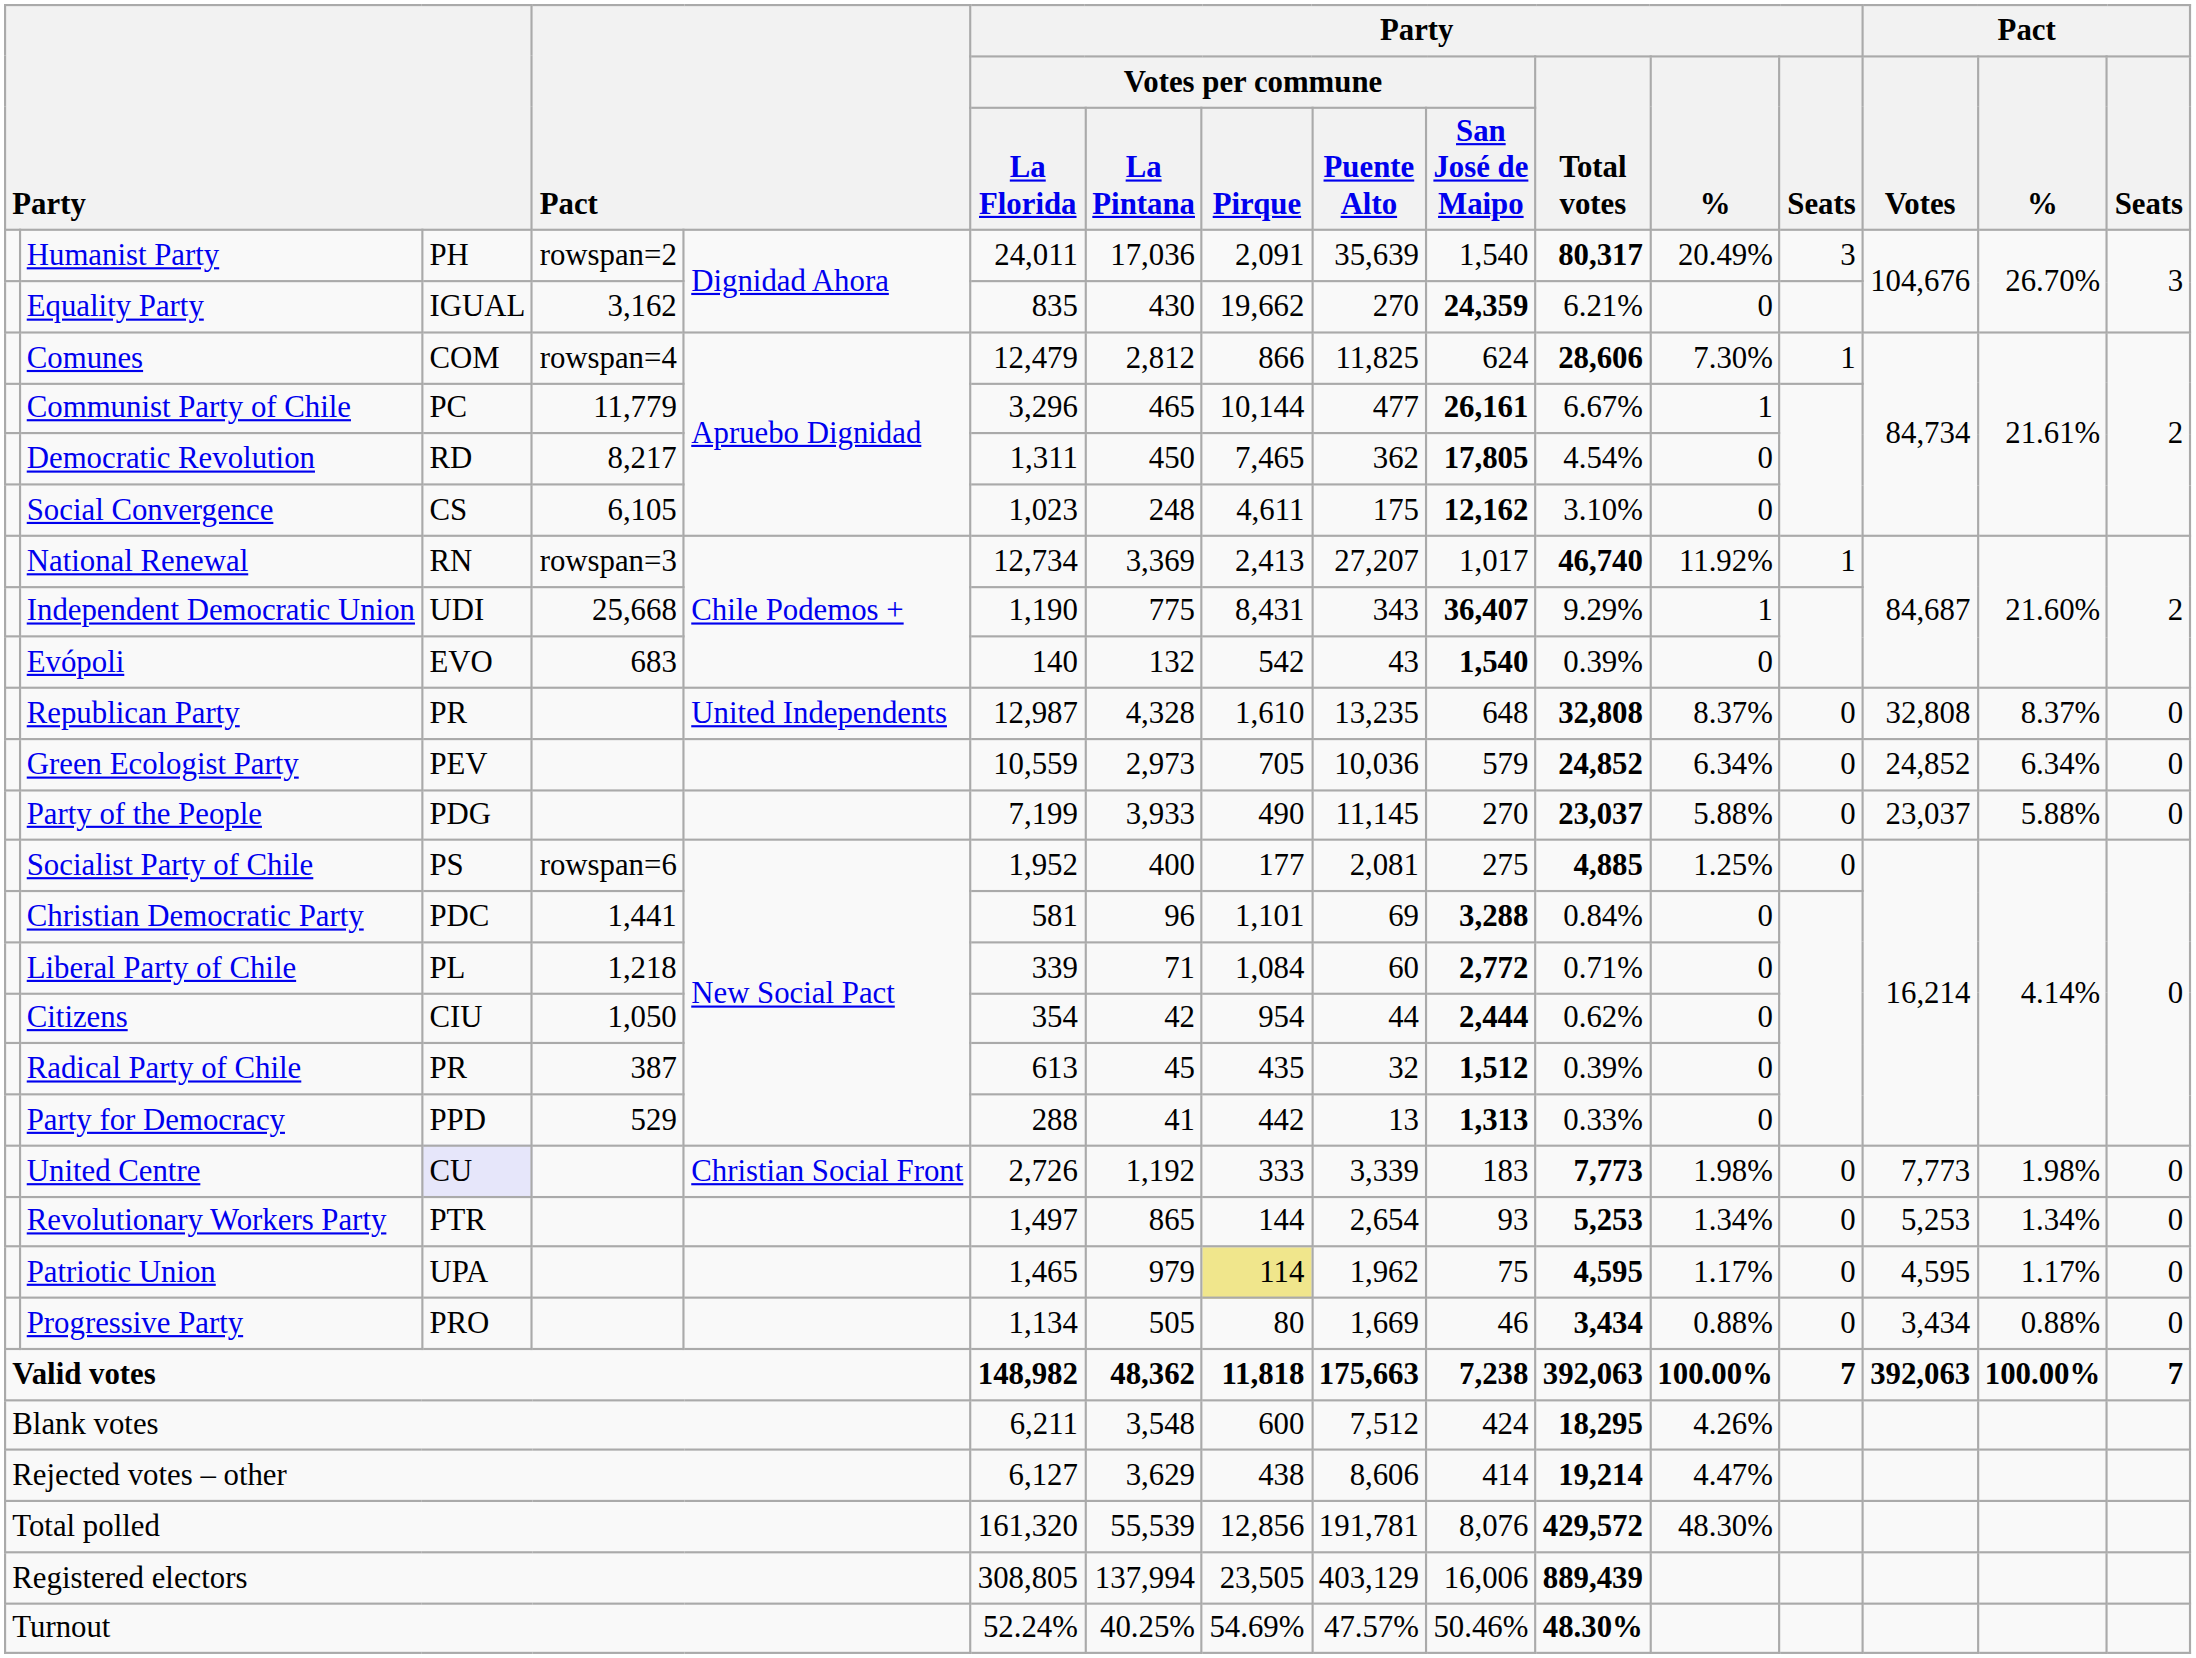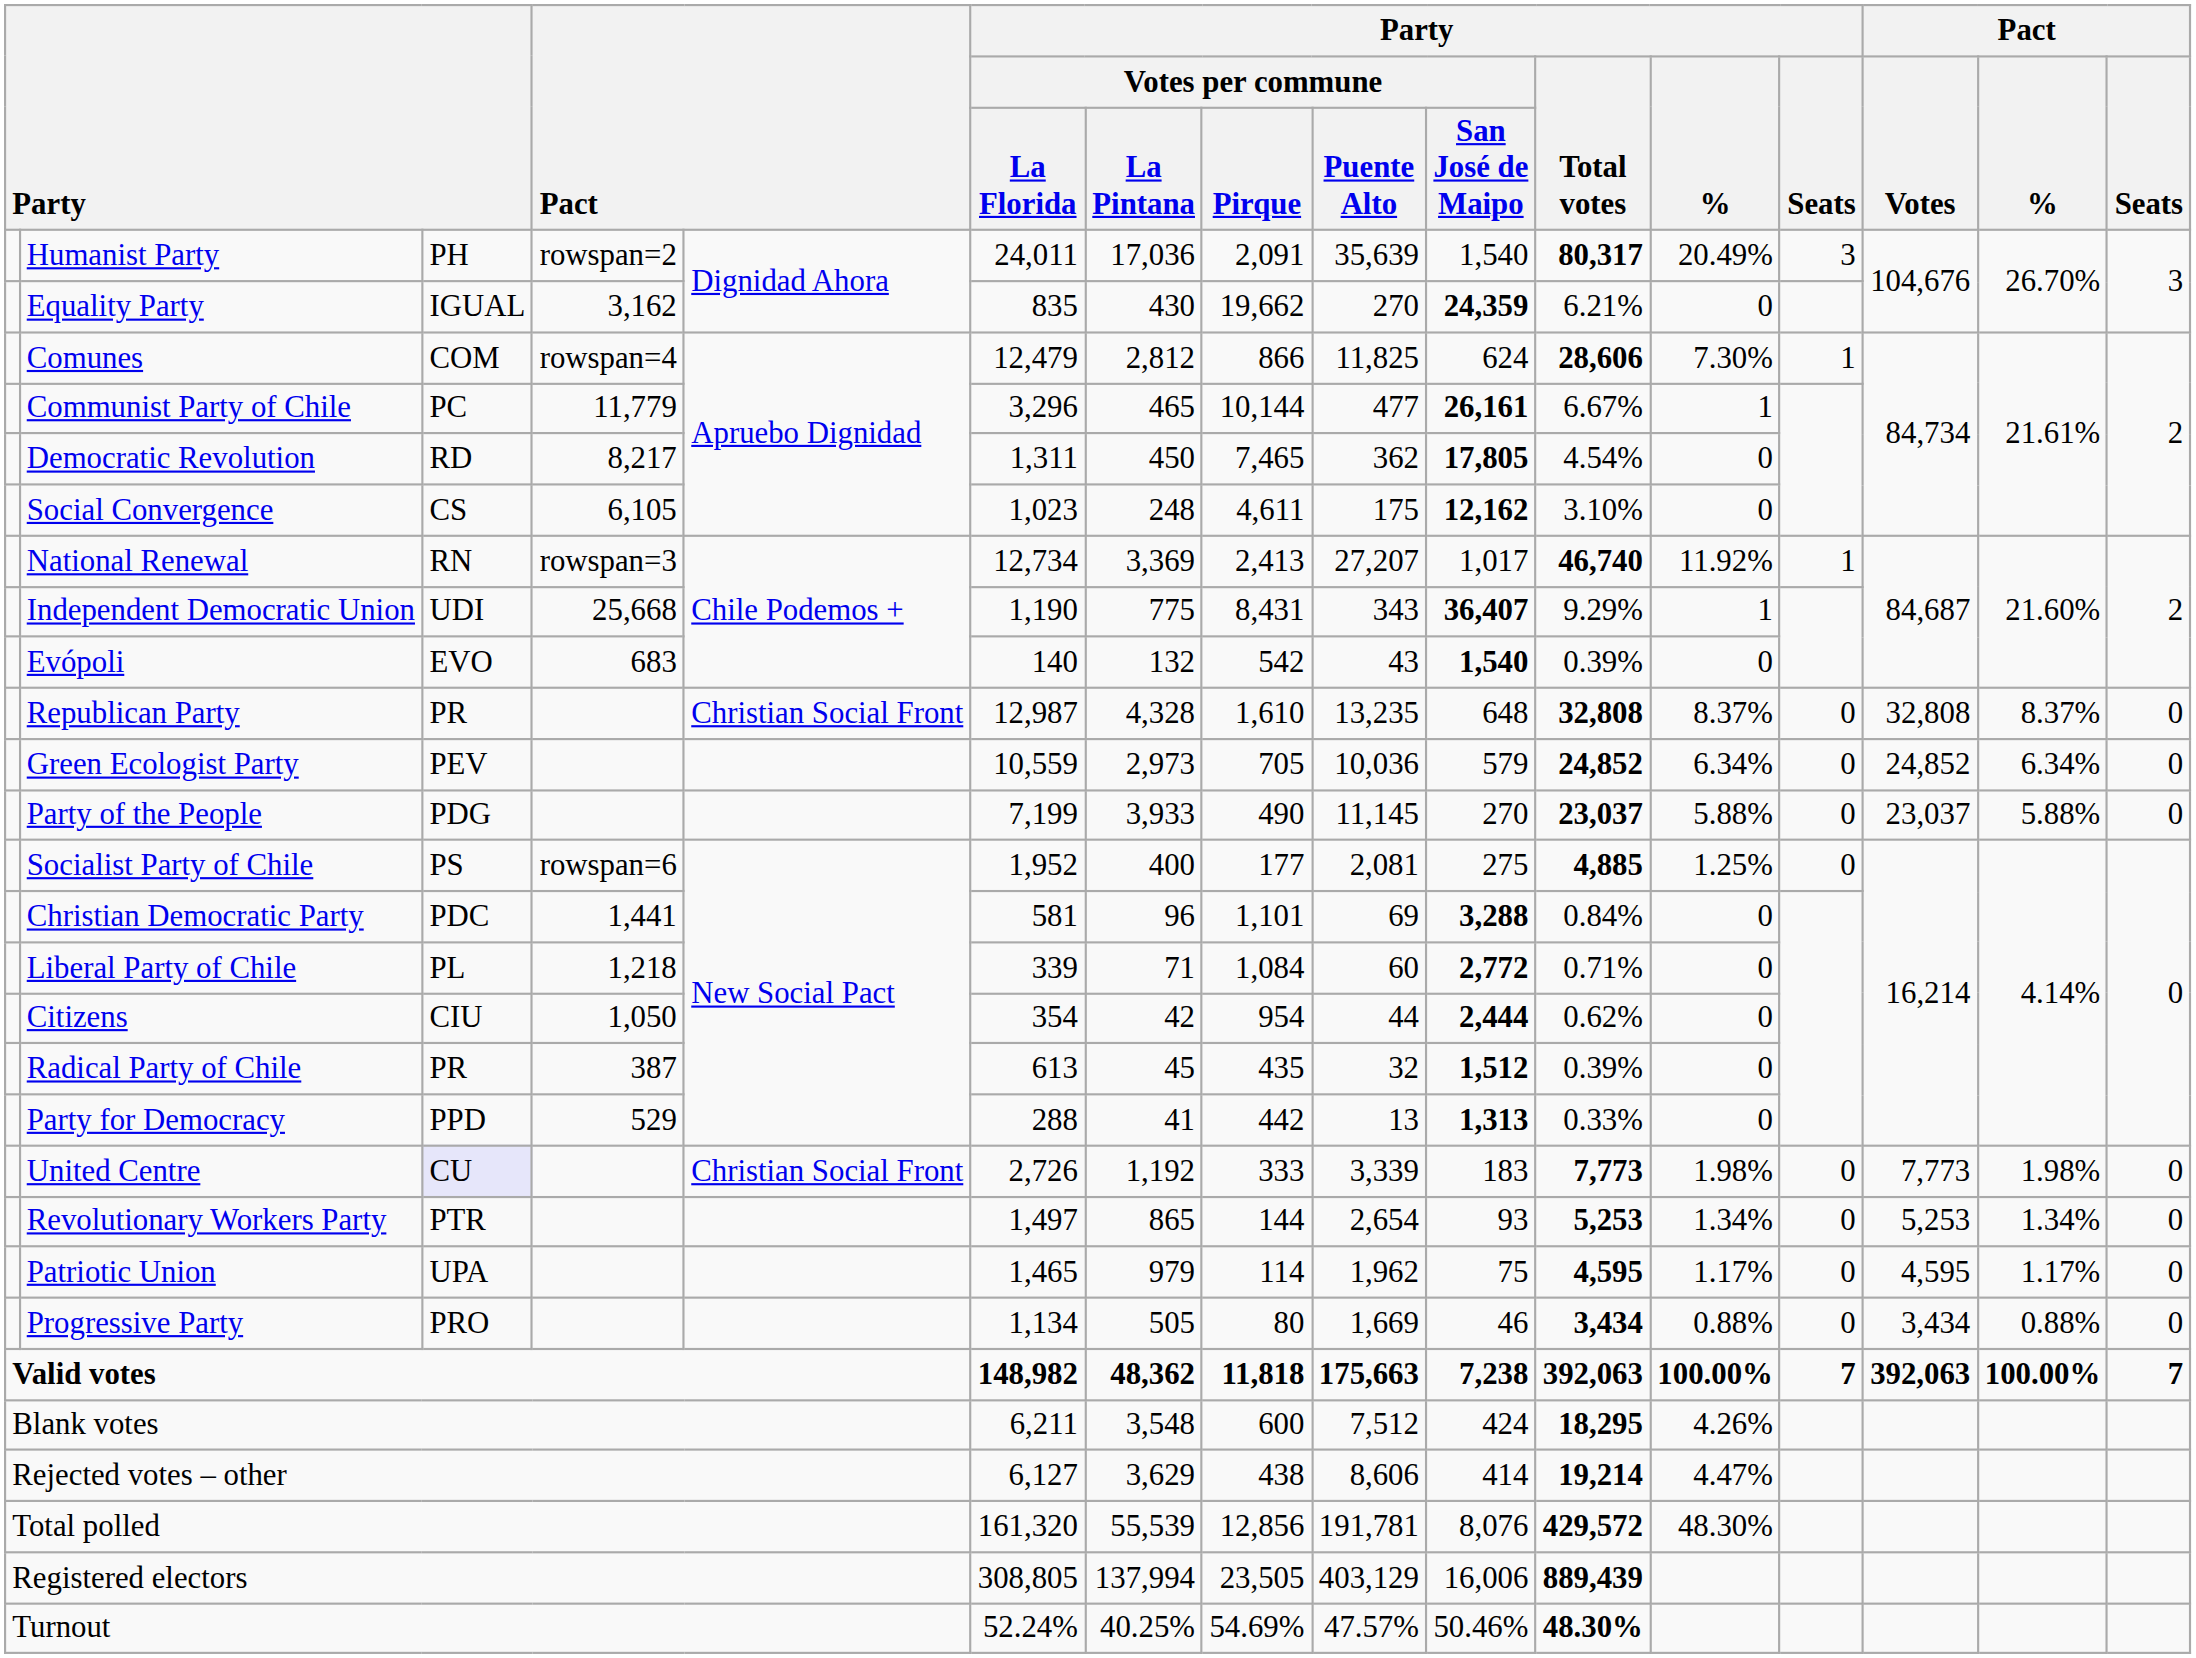 <table class="wikitable" border="1" style="font-size:90%; text-align:right; white-space: nowrap;">
 <tr>
 <th style="text-align:left;" valign=bottom rowspan=3 colspan=3>Party</th>
 <th style="text-align:left;" valign=bottom rowspan=3 colspan=2>Pact</th>
 <th colspan=8>Party</th>
 <th colspan=3>Pact</th>
 </tr>
 <tr>
 <th colspan=5>Votes per commune</th>
 <th align=center valign=bottom rowspan=2 width="40">Total<br>votes</th>
 <th align=center valign=bottom rowspan=2 width="40">%</th>
 <th align=center valign=bottom rowspan=2>Seats</th>
 <th align=center valign=bottom rowspan=2 width="40">Votes</th>
 <th align=center valign=bottom rowspan=2 width="40">%</th>
 <th align=center valign=bottom rowspan=2>Seats</th>
 </tr>
 <tr>
 <th align=center valign=bottom width="40"><a href='#'>La<br>Florida</a></th>
 <th align=center valign=bottom width="40"><a href='#'>La<br>Pintana</a></th>
 <th align=center valign=bottom width="40"><a href='#'>Pirque</a></th>
 <th align=center valign=bottom width="40"><a href='#'>Puente<br>Alto</a></th>
 <th align=center valign=bottom width="40"><a href='#'>San<br>José de<br>Maipo</a></th>
 </tr>
 <tr>
 <td></td>
 <td align=left><a href='#'>Humanist Party</a></td>
 <td align=left>PH</td>
 <td>rowspan=2 </td>
 <td rowspan=2 align=left><a href='#'>Dignidad Ahora</a></td>
 <td>24,011</td>
 <td>17,036</td>
 <td>2,091</td>
 <td>35,639</td>
 <td>1,540</td>
 <td><strong>80,317</strong></td>
 <td>20.49%</td>
 <td>3</td>
 <td rowspan=2>104,676</td>
 <td rowspan=2>26.70%</td>
 <td rowspan=2>3</td>
 </tr>
 <tr>
 <td></td>
 <td align=left><a href='#'>Equality Party</a></td>
 <td align=left>IGUAL</td>
 <td>3,162</td>
 <td>835</td>
 <td>430</td>
 <td>19,662</td>
 <td>270</td>
 <td><strong>24,359</strong></td>
 <td>6.21%</td>
 <td>0</td>
 </tr>
 <tr>
 <td></td>
 <td align=left><a href='#'>Comunes</a></td>
 <td align=left>COM</td>
 <td>rowspan=4 </td>
 <td rowspan=4 align=left><a href='#'>Apruebo Dignidad</a></td>
 <td>12,479</td>
 <td>2,812</td>
 <td>866</td>
 <td>11,825</td>
 <td>624</td>
 <td><strong>28,606</strong></td>
 <td>7.30%</td>
 <td>1</td>
 <td rowspan=4>84,734</td>
 <td rowspan=4>21.61%</td>
 <td rowspan=4>2</td>
 </tr>
 <tr>
 <td></td>
 <td align=left><a href='#'>Communist Party of Chile</a></td>
 <td align=left>PC</td>
 <td>11,779</td>
 <td>3,296</td>
 <td>465</td>
 <td>10,144</td>
 <td>477</td>
 <td><strong>26,161</strong></td>
 <td>6.67%</td>
 <td>1</td>
 </tr>
 <tr>
 <td></td>
 <td align=left><a href='#'>Democratic Revolution</a></td>
 <td align=left>RD</td>
 <td>8,217</td>
 <td>1,311</td>
 <td>450</td>
 <td>7,465</td>
 <td>362</td>
 <td><strong>17,805</strong></td>
 <td>4.54%</td>
 <td>0</td>
 </tr>
 <tr>
 <td></td>
 <td align=left><a href='#'>Social Convergence</a></td>
 <td align=left>CS</td>
 <td>6,105</td>
 <td>1,023</td>
 <td>248</td>
 <td>4,611</td>
 <td>175</td>
 <td><strong>12,162</strong></td>
 <td>3.10%</td>
 <td>0</td>
 </tr>
 <tr>
 <td></td>
 <td align=left><a href='#'>National Renewal</a></td>
 <td align=left>RN</td>
 <td>rowspan=3 </td>
 <td rowspan=3 align=left><a href='#'>Chile Podemos +</a></td>
 <td>12,734</td>
 <td>3,369</td>
 <td>2,413</td>
 <td>27,207</td>
 <td>1,017</td>
 <td><strong>46,740</strong></td>
 <td>11.92%</td>
 <td>1</td>
 <td rowspan=3>84,687</td>
 <td rowspan=3>21.60%</td>
 <td rowspan=3>2</td>
 </tr>
 <tr>
 <td></td>
 <td align=left><a href='#'>Independent Democratic Union</a></td>
 <td align=left>UDI</td>
 <td>25,668</td>
 <td>1,190</td>
 <td>775</td>
 <td>8,431</td>
 <td>343</td>
 <td><strong>36,407</strong></td>
 <td>9.29%</td>
 <td>1</td>
 </tr>
 <tr>
 <td></td>
 <td align=left><a href='#'>Evópoli</a></td>
 <td align=left>EVO</td>
 <td>683</td>
 <td>140</td>
 <td>132</td>
 <td>542</td>
 <td>43</td>
 <td><strong>1,540</strong></td>
 <td>0.39%</td>
 <td>0</td>
 </tr>
 <tr>
 <td></td>
 <td align=left><a href='#'>Republican Party</a></td>
 <td align=left>PR</td>
 <td></td>
-<td align=left><a href='#'>United Independents</a></td>
+<td align=left><a href='#'>Christian Social Front</a></td>
 <td>12,987</td>
 <td>4,328</td>
 <td>1,610</td>
 <td>13,235</td>
 <td>648</td>
 <td><strong>32,808</strong></td>
 <td>8.37%</td>
 <td>0</td>
 <td>32,808</td>
 <td>8.37%</td>
 <td>0</td>
 </tr>
 <tr>
 <td></td>
 <td align=left><a href='#'>Green Ecologist Party</a></td>
 <td align=left>PEV</td>
 <td></td>
 <td></td>
 <td>10,559</td>
 <td>2,973</td>
 <td>705</td>
 <td>10,036</td>
 <td>579</td>
 <td><strong>24,852</strong></td>
 <td>6.34%</td>
 <td>0</td>
 <td>24,852</td>
 <td>6.34%</td>
 <td>0</td>
 </tr>
 <tr>
 <td></td>
 <td align=left><a href='#'>Party of the People</a></td>
 <td align=left>PDG</td>
 <td></td>
 <td></td>
 <td>7,199</td>
 <td>3,933</td>
 <td>490</td>
 <td>11,145</td>
 <td>270</td>
 <td><strong>23,037</strong></td>
 <td>5.88%</td>
 <td>0</td>
 <td>23,037</td>
 <td>5.88%</td>
 <td>0</td>
 </tr>
 <tr>
 <td></td>
 <td align=left><a href='#'>Socialist Party of Chile</a></td>
 <td align=left>PS</td>
 <td>rowspan=6 </td>
 <td rowspan=6 align=left><a href='#'>New Social Pact</a></td>
 <td>1,952</td>
 <td>400</td>
 <td>177</td>
 <td>2,081</td>
 <td>275</td>
 <td><strong>4,885</strong></td>
 <td>1.25%</td>
 <td>0</td>
 <td rowspan=6>16,214</td>
 <td rowspan=6>4.14%</td>
 <td rowspan=6>0</td>
 </tr>
 <tr>
 <td></td>
 <td align=left><a href='#'>Christian Democratic Party</a></td>
 <td align=left>PDC</td>
 <td>1,441</td>
 <td>581</td>
 <td>96</td>
 <td>1,101</td>
 <td>69</td>
 <td><strong>3,288</strong></td>
 <td>0.84%</td>
 <td>0</td>
 </tr>
 <tr>
 <td></td>
 <td align=left><a href='#'>Liberal Party of Chile</a></td>
 <td align=left>PL</td>
 <td>1,218</td>
 <td>339</td>
 <td>71</td>
 <td>1,084</td>
 <td>60</td>
 <td><strong>2,772</strong></td>
 <td>0.71%</td>
 <td>0</td>
 </tr>
 <tr>
 <td></td>
 <td align=left><a href='#'>Citizens</a></td>
 <td align=left>CIU</td>
 <td>1,050</td>
 <td>354</td>
 <td>42</td>
 <td>954</td>
 <td>44</td>
 <td><strong>2,444</strong></td>
 <td>0.62%</td>
 <td>0</td>
 </tr>
 <tr>
 <td></td>
 <td align=left><a href='#'>Radical Party of Chile</a></td>
 <td align=left>PR</td>
 <td>387</td>
 <td>613</td>
 <td>45</td>
 <td>435</td>
 <td>32</td>
 <td><strong>1,512</strong></td>
 <td>0.39%</td>
 <td>0</td>
 </tr>
 <tr>
 <td></td>
 <td align=left><a href='#'>Party for Democracy</a></td>
 <td align=left>PPD</td>
 <td>529</td>
 <td>288</td>
 <td>41</td>
 <td>442</td>
 <td>13</td>
 <td><strong>1,313</strong></td>
 <td>0.33%</td>
 <td>0</td>
 </tr>
 <tr>
 <td></td>
 <td align=left><a href='#'>United Centre</a></td>
 <td align=left style="background: lavender;">CU</td>
 <td></td>
 <td align=left><a href='#'>Christian Social Front</a></td>
 <td>2,726</td>
 <td>1,192</td>
 <td>333</td>
 <td>3,339</td>
 <td>183</td>
 <td><strong>7,773</strong></td>
 <td>1.98%</td>
 <td>0</td>
 <td>7,773</td>
 <td>1.98%</td>
 <td>0</td>
 </tr>
 <tr>
 <td></td>
 <td align=left><a href='#'>Revolutionary Workers Party</a></td>
 <td align=left>PTR</td>
 <td></td>
 <td></td>
 <td>1,497</td>
 <td>865</td>
 <td>144</td>
 <td>2,654</td>
 <td>93</td>
 <td><strong>5,253</strong></td>
 <td>1.34%</td>
 <td>0</td>
 <td>5,253</td>
 <td>1.34%</td>
 <td>0</td>
 </tr>
 <tr>
 <td></td>
 <td align=left><a href='#'>Patriotic Union</a></td>
 <td align=left>UPA</td>
 <td></td>
 <td></td>
 <td>1,465</td>
 <td>979</td>
-<td style="background: khaki;">114</td>
+<td>114</td>
 <td>1,962</td>
 <td>75</td>
 <td><strong>4,595</strong></td>
 <td>1.17%</td>
 <td>0</td>
 <td>4,595</td>
 <td>1.17%</td>
 <td>0</td>
 </tr>
 <tr>
 <td></td>
 <td align=left><a href='#'>Progressive Party</a></td>
 <td align=left>PRO</td>
 <td></td>
 <td></td>
 <td>1,134</td>
 <td>505</td>
 <td>80</td>
 <td>1,669</td>
 <td>46</td>
 <td><strong>3,434</strong></td>
 <td>0.88%</td>
 <td>0</td>
 <td>3,434</td>
 <td>0.88%</td>
 <td>0</td>
 </tr>
 <tr style="font-weight:bold">
 <td align=left colspan=5>Valid votes</td>
 <td>148,982</td>
 <td>48,362</td>
 <td>11,818</td>
 <td>175,663</td>
 <td>7,238</td>
 <td>392,063</td>
 <td>100.00%</td>
 <td>7</td>
 <td>392,063</td>
 <td>100.00%</td>
 <td>7</td>
 </tr>
 <tr>
 <td align=left colspan=5>Blank votes</td>
 <td>6,211</td>
 <td>3,548</td>
 <td>600</td>
 <td>7,512</td>
 <td>424</td>
 <td><strong>18,295</strong></td>
 <td>4.26%</td>
 <td></td>
 <td></td>
 <td></td>
 <td></td>
 </tr>
 <tr>
 <td align=left colspan=5>Rejected votes – other</td>
 <td>6,127</td>
 <td>3,629</td>
 <td>438</td>
 <td>8,606</td>
 <td>414</td>
 <td><strong>19,214</strong></td>
 <td>4.47%</td>
 <td></td>
 <td></td>
 <td></td>
 <td></td>
 </tr>
 <tr>
 <td align=left colspan=5>Total polled</td>
 <td>161,320</td>
 <td>55,539</td>
 <td>12,856</td>
 <td>191,781</td>
 <td>8,076</td>
 <td><strong>429,572</strong></td>
 <td>48.30%</td>
 <td></td>
 <td></td>
 <td></td>
 <td></td>
 </tr>
 <tr>
 <td align=left colspan=5>Registered electors</td>
 <td>308,805</td>
 <td>137,994</td>
 <td>23,505</td>
 <td>403,129</td>
 <td>16,006</td>
 <td><strong>889,439</strong></td>
 <td></td>
 <td></td>
 <td></td>
 <td></td>
 <td></td>
 </tr>
 <tr>
 <td align=left colspan=5>Turnout</td>
 <td>52.24%</td>
 <td>40.25%</td>
 <td>54.69%</td>
 <td>47.57%</td>
 <td>50.46%</td>
 <td><strong>48.30%</strong></td>
 <td></td>
 <td></td>
 <td></td>
 <td></td>
 <td></td>
 </tr>
 </table>
